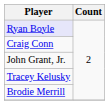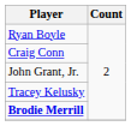 <table class="wikitable">
 <tr>
 <th>Player</th>
 <th>Count</th>
 </tr>
 <tr>
-<td style="background: lavender;"><a href='#'>Ryan Boyle</a></td>
+<td><a href='#'>Ryan Boyle</a></td>
 <td align="center" rowspan="5">2</td>
 </tr>
 <tr>
 <td><a href='#'>Craig Conn</a></td>
 </tr>
 <tr>
 <td>John Grant, Jr.</td>
 </tr>
 <tr>
 <td><a href='#'>Tracey Kelusky</a></td>
 </tr>
 <tr>
-<td><a href='#'>Brodie Merrill</a></td>
+<td><strong><a href='#'>Brodie Merrill</a></strong></td>
 </tr>
 <tr>
 </tr>
 </table>
